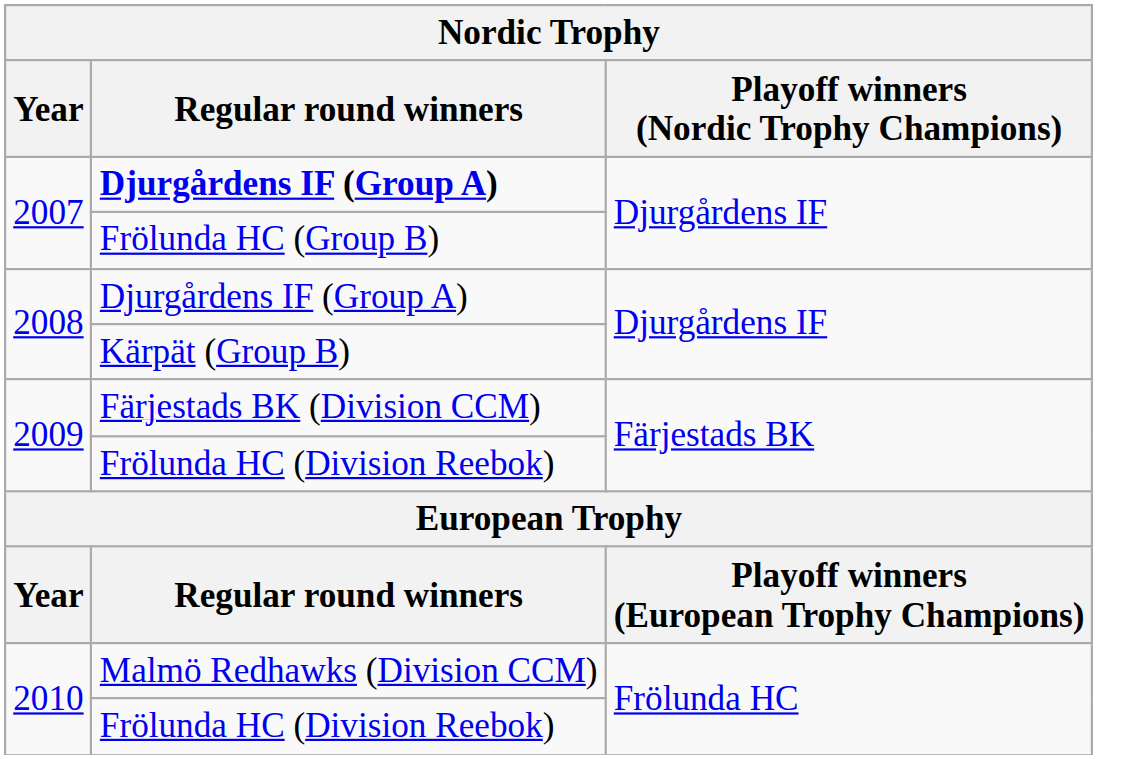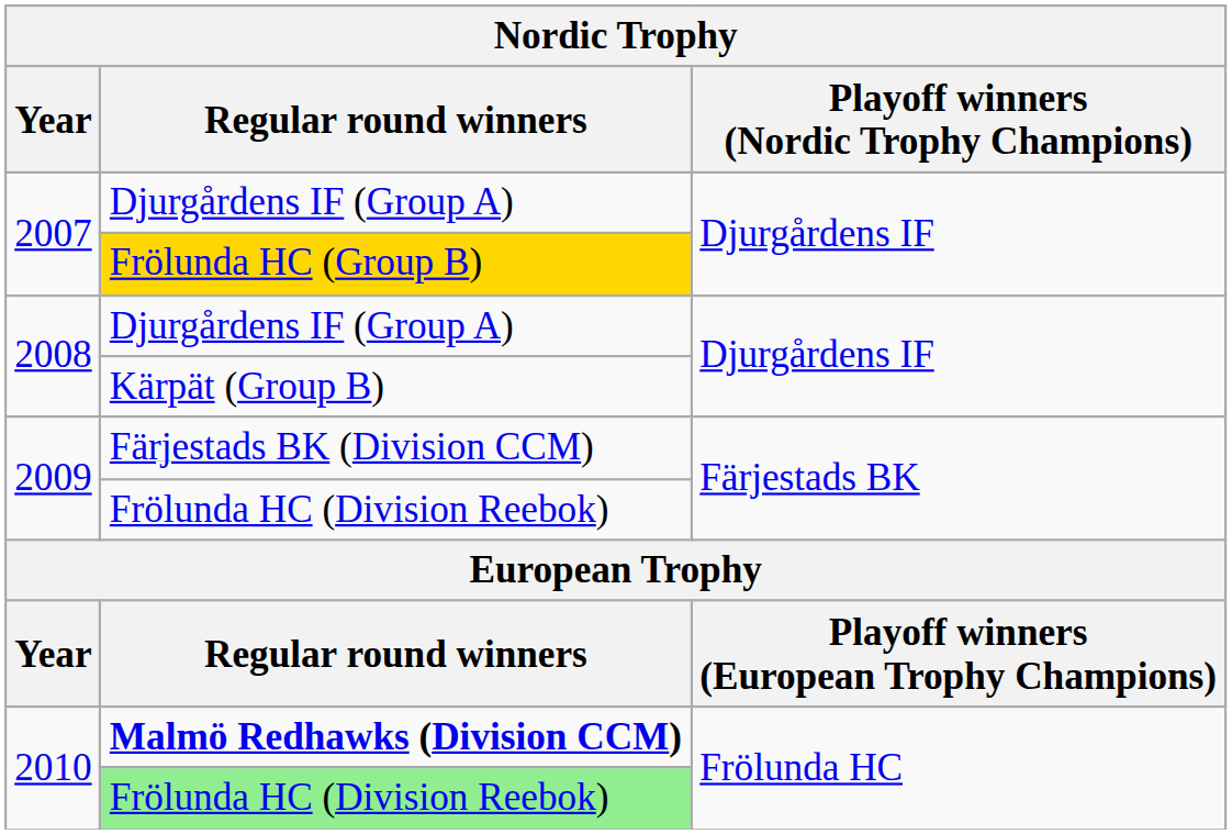 <table class="wikitable">
 <tr>
 <th colspan=3>Nordic Trophy</th>
 </tr>
 <tr>
 <th>Year</th>
 <th>Regular round winners</th>
 <th>Playoff winners <br> (Nordic Trophy Champions)</th>
 </tr>
 <tr>
 <td rowspan="2"><a href='#'>2007</a></td>
-<td><strong> <a href='#'>Djurgårdens IF</a> (<a href='#'>Group A</a>)</strong></td>
+<td> <a href='#'>Djurgårdens IF</a> (<a href='#'>Group A</a>)</td>
 <td rowspan="2" align="left"> <a href='#'>Djurgårdens IF</a></td>
 </tr>
 <tr>
-<td> <a href='#'>Frölunda HC</a> (<a href='#'>Group B</a>)</td>
+<td style="background: gold;"> <a href='#'>Frölunda HC</a> (<a href='#'>Group B</a>)</td>
 </tr>
 <tr>
 <td rowspan="2"><a href='#'>2008</a></td>
 <td> <a href='#'>Djurgårdens IF</a> (<a href='#'>Group A</a>)</td>
 <td rowspan="2" align="left"> <a href='#'>Djurgårdens IF</a></td>
 </tr>
 <tr>
 <td> <a href='#'>Kärpät</a> (<a href='#'>Group B</a>)</td>
 </tr>
 <tr>
 <td rowspan="2"><a href='#'>2009</a></td>
 <td> <a href='#'>Färjestads BK</a> (<a href='#'>Division CCM</a>)</td>
 <td rowspan="2" align="left"> <a href='#'>Färjestads BK</a></td>
 </tr>
 <tr>
 <td> <a href='#'>Frölunda HC</a> (<a href='#'>Division Reebok</a>)</td>
 </tr>
 <tr>
 <th colspan="3">European Trophy</th>
 </tr>
 <tr>
 <th>Year</th>
 <th>Regular round winners</th>
 <th>Playoff winners <br> (European Trophy Champions)</th>
 </tr>
 <tr>
 <td rowspan="2"><a href='#'>2010</a></td>
-<td> <a href='#'>Malmö Redhawks</a> (<a href='#'>Division CCM</a>)</td>
+<td><strong> <a href='#'>Malmö Redhawks</a> (<a href='#'>Division CCM</a>)</strong></td>
 <td rowspan="2"> <a href='#'>Frölunda HC</a></td>
 </tr>
 <tr>
-<td> <a href='#'>Frölunda HC</a> (<a href='#'>Division Reebok</a>)</td>
+<td style="background: lightgreen;"> <a href='#'>Frölunda HC</a> (<a href='#'>Division Reebok</a>)</td>
 </tr>
 </table>
